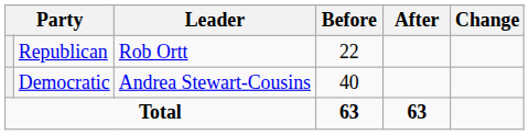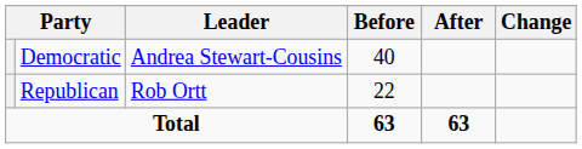 <table class="wikitable" style="text-align:center;">
 <tr>
 </tr>
 <tr>
 <th colspan="2">Party</th>
 <th>Leader</th>
 <th style="width:3em">Before</th>
 <th style="width:3em">After</th>
 <th style="width:3em">Change</th>
 </tr>
 <tr>
 <th style="background-color:"></th>
-<td style="text-align:left;"><a href='#'>Republican</a></td>
-<td style="text-align:left;"><a href='#'>Rob Ortt</a></td>
-<td>22</td>
+<td style="text-align:left;"><a href='#'>Democratic</a></td>
+<td style="text-align:left;"><a href='#'>Andrea Stewart-Cousins</a></td>
+<td>40</td>
 <td></td>
 <td></td>
 </tr>
 <tr>
 <th style="background-color:"></th>
-<td style="text-align:left;"><a href='#'>Democratic</a></td>
-<td style="text-align:left;"><a href='#'>Andrea Stewart-Cousins</a></td>
-<td>40</td>
+<td style="text-align:left;"><a href='#'>Republican</a></td>
+<td style="text-align:left;"><a href='#'>Rob Ortt</a></td>
+<td>22</td>
 <td></td>
 <td></td>
 </tr>
 <tr>
 <td colspan="3"><strong>Total</strong></td>
 <td><strong>63</strong></td>
 <td><strong>63</strong></td>
 <td></td>
 </tr>
 </table>
